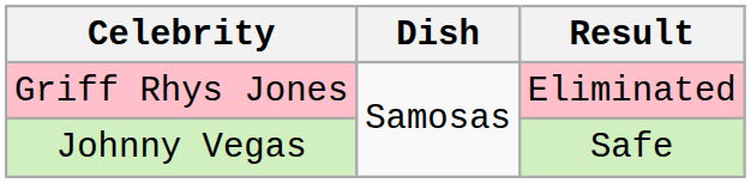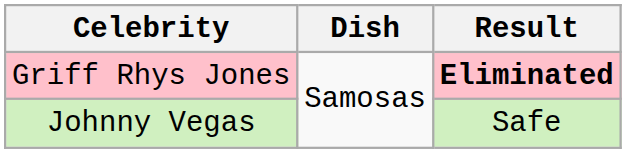 <table class="wikitable" style="text-align:center;">
 <tr>
 <th>Celebrity</th>
 <th>Dish</th>
 <th>Result</th>
 </tr>
 <tr>
 <td style="background:pink;">Griff Rhys Jones</td>
 <td rowspan="2">Samosas</td>
-<td style="background:pink;">Eliminated</td>
+<td style="background:pink;"><strong>Eliminated</strong></td>
 </tr>
 <tr>
 <td style="background:#d0f0c0;">Johnny Vegas</td>
 <td style="background:#d0f0c0;">Safe</td>
 </tr>
 </table>
